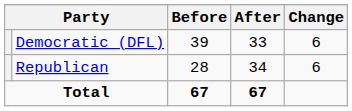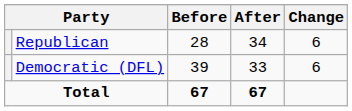 <table class="wikitable" style="text-align:center;">
 <tr>
 </tr>
 <tr>
 <th colspan=2>Party</th>
 <th>Before</th>
 <th>After</th>
 <th>Change</th>
 </tr>
 <tr>
 <th style="background-color:"></th>
-<td style="text-align:left;"><a href='#'>Democratic (DFL)</a></td>
-<td>39</td>
-<td>33</td>
+<td style="text-align:left;"><a href='#'>Republican</a></td>
+<td>28</td>
+<td>34</td>
 <td> 6</td>
 </tr>
 <tr>
 <th style="background-color:"></th>
-<td style="text-align:left;"><a href='#'>Republican</a></td>
-<td>28</td>
-<td>34</td>
+<td style="text-align:left;"><a href='#'>Democratic (DFL)</a></td>
+<td>39</td>
+<td>33</td>
 <td> 6</td>
 </tr>
 <tr>
 <td colspan=2><strong>Total</strong></td>
 <td><strong>67</strong></td>
 <td><strong>67</strong></td>
 <td></td>
 </tr>
 </table>
